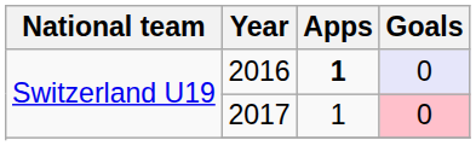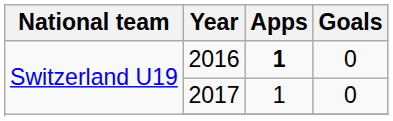 <table class="wikitable" style="text-align:center">
 <tr>
 <th>National team</th>
 <th>Year</th>
 <th>Apps</th>
 <th>Goals</th>
 </tr>
 <tr>
 <td rowspan="12"><a href='#'>Switzerland U19</a></td>
 <td>2016</td>
 <td><strong>1</strong></td>
-<td style="background: lavender;">0</td>
+<td>0</td>
 </tr>
 <tr>
 <td>2017</td>
 <td>1</td>
-<td style="background: pink;">0</td>
+<td>0</td>
 </tr>
 <tr>
 </tr>
 </table>
